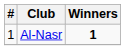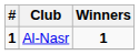 <table class="wikitable">
 <tr>
 <th>#</th>
 <th>Club</th>
 <th>Winners</th>
 </tr>
 <tr>
-<td>1</td>
+<td><strong>1</strong></td>
 <td><a href='#'>Al-Nasr</a></td>
 <td align="center"><strong>1</strong></td>
 </tr>
 <tr>
 </tr>
 </table>
